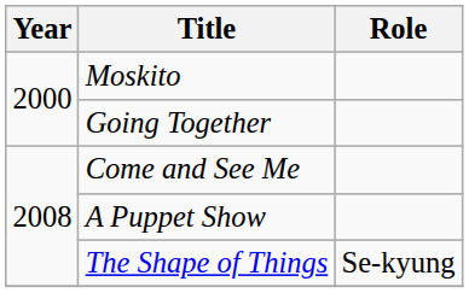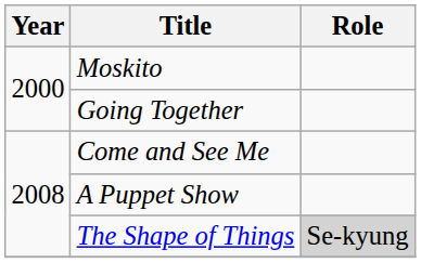 <table class="wikitable sortable">
 <tr>
 <th>Year</th>
 <th>Title</th>
 <th>Role</th>
 </tr>
 <tr>
 <td rowspan=2>2000</td>
 <td><em>Moskito</em></td>
 <td></td>
 </tr>
 <tr>
 <td><em>Going Together</em></td>
 <td></td>
 </tr>
 <tr>
 <td rowspan=3>2008</td>
 <td><em>Come and See Me</em></td>
 <td></td>
 </tr>
 <tr>
 <td> <em>A Puppet Show</em></td>
 <td></td>
 </tr>
 <tr>
 <td><em><a href='#'>The Shape of Things</a></em></td>
-<td>Se-kyung</td>
+<td style="background: lightgrey;">Se-kyung</td>
 </tr>
 <tr>
 </tr>
 </table>
